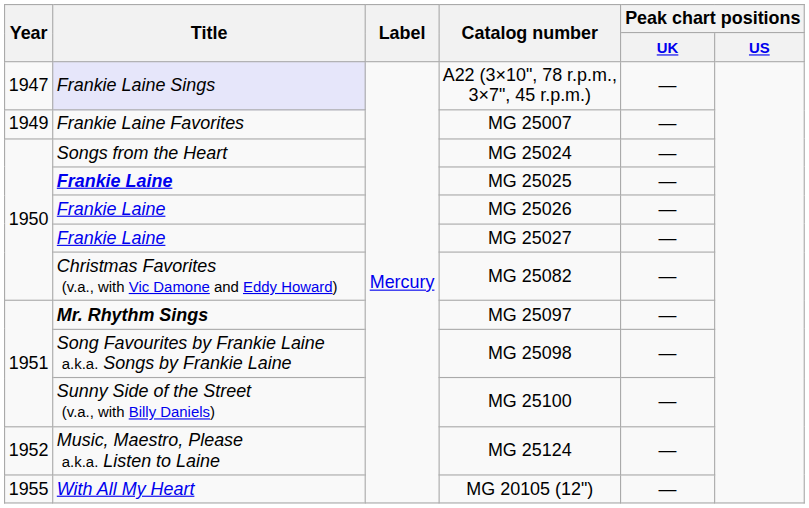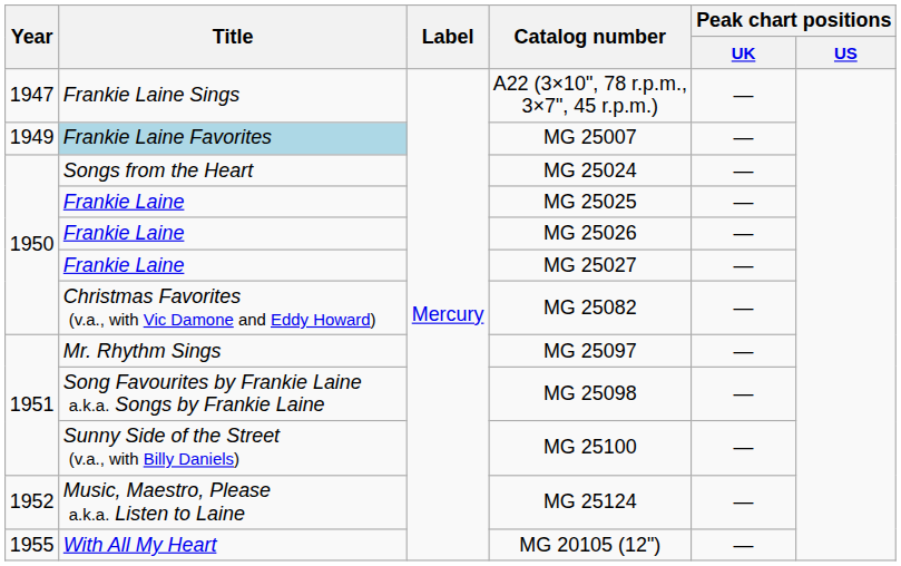 <table class="wikitable" style="text-align:center">
 <tr>
 <th rowspan="2">Year</th>
 <th rowspan="2" style="width:17em;">Title</th>
 <th rowspan="2">Label</th>
 <th rowspan="2">Catalog number</th>
 <th colspan="2">Peak chart positions</th>
 </tr>
 <tr>
 <th><small><a href='#'>UK</a></small><br></th>
 <th><small><a href='#'>US</a></small><br></th>
 </tr>
 <tr>
 <td>1947</td>
-<td align="left" style="background: lavender;"><em>Frankie Laine Sings</em></td>
+<td align="left"><em>Frankie Laine Sings</em></td>
 <td rowspan="13"><a href='#'>Mercury</a></td>
 <td>A22 (3×10", 78 r.p.m.,<br>3×7", 45 r.p.m.)</td>
 <td>—</td>
 </tr>
 <tr>
 <td rowspan="1">1949</td>
-<td align="left"><em>Frankie Laine Favorites</em></td>
+<td align="left" style="background: lightblue;"><em>Frankie Laine Favorites</em></td>
 <td>MG 25007</td>
 <td>—<br></td>
 </tr>
 <tr>
 <td rowspan="5">1950</td>
 <td align="left"><em>Songs from the Heart</em></td>
 <td>MG 25024</td>
 <td>—</td>
 </tr>
 <tr>
-<td align="left"><strong><em><a href='#'>Frankie Laine</a></em></strong></td>
+<td align="left"><em><a href='#'>Frankie Laine</a></em></td>
 <td>MG 25025</td>
 <td>—</td>
 </tr>
 <tr>
 <td align="left"><em><a href='#'>Frankie Laine</a></em></td>
 <td>MG 25026</td>
 <td>—</td>
 </tr>
 <tr>
 <td align="left"><em><a href='#'>Frankie Laine</a></em></td>
 <td>MG 25027</td>
 <td>—</td>
 </tr>
 <tr>
 <td align="left"><em>Christmas Favorites</em><br> <small>(v.a., with <a href='#'>Vic Damone</a> and <a href='#'>Eddy Howard</a>)</small></td>
 <td>MG 25082</td>
 <td>—</td>
 </tr>
 <tr>
 <td rowspan="3">1951</td>
-<td align="left"><strong><em>Mr. Rhythm Sings</em></strong></td>
+<td align="left"><em>Mr. Rhythm Sings</em></td>
 <td>MG 25097</td>
 <td>—</td>
 </tr>
 <tr>
 <td align="left"><em>Song Favourites by Frankie Laine</em><br> <small>a.k.a.</small> <em>Songs by Frankie Laine</em></td>
 <td>MG 25098</td>
 <td>—</td>
 </tr>
 <tr>
 <td align="left"><em>Sunny Side of the Street</em><br> <small>(v.a., with <a href='#'>Billy Daniels</a>)</small></td>
 <td>MG 25100</td>
 <td>—</td>
 </tr>
 <tr>
 <td>1952</td>
 <td align="left"><em>Music, Maestro, Please</em><br> <small>a.k.a.</small> <em>Listen to Laine</em></td>
 <td>MG 25124</td>
 <td>—</td>
 </tr>
 <tr>
 <td>1955</td>
 <td align="left"><em><a href='#'>With All My Heart</a></em></td>
 <td>MG 20105 (12")</td>
 <td>—</td>
 </tr>
 </table>
